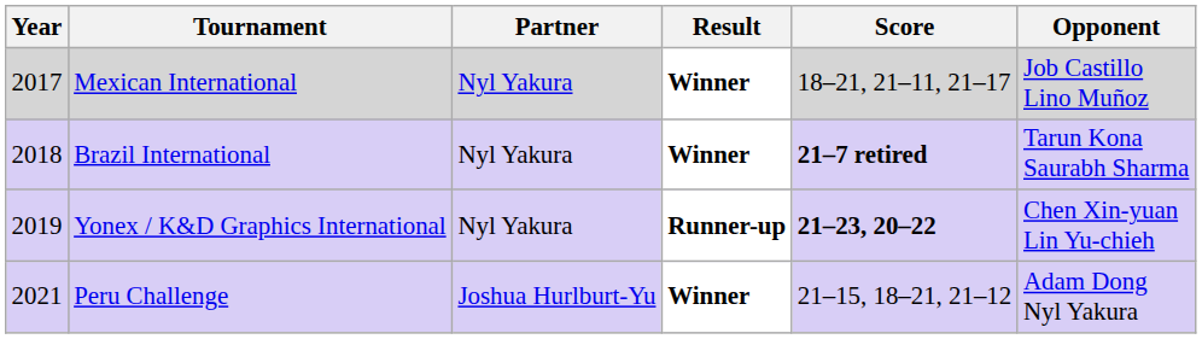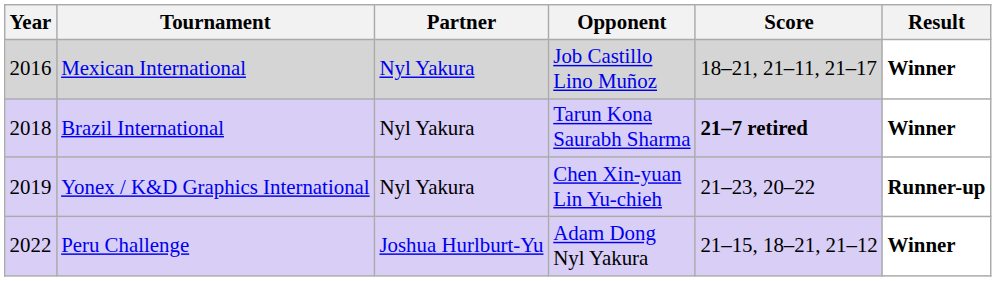 <table class="sortable wikitable" style="font-size: 90%;">
 <tr>
 <th>Year</th>
 <th>Tournament</th>
 <th>Partner</th>
+<th>Opponent</th>
+<th>Score</th>
 <th>Result</th>
-<th>Score</th>
-<th>Opponent</th>
 </tr>
 <tr style="background:#D5D5D5">
-<td align="center">2017</td>
+<td align="center">2016</td>
 <td align="left"><a href='#'>Mexican International</a></td>
 <td align="left"> <a href='#'>Nyl Yakura</a></td>
+<td align="left"> <a href='#'>Job Castillo</a><br> <a href='#'>Lino Muñoz</a></td>
+<td align="left">18–21, 21–11, 21–17</td>
 <td style="text-align:left; background:white"> <strong>Winner</strong></td>
-<td align="left">18–21, 21–11, 21–17</td>
-<td align="left"> <a href='#'>Job Castillo</a><br> <a href='#'>Lino Muñoz</a></td>
 </tr>
 <tr style="background:#D8CEF6">
 <td align="center">2018</td>
 <td align="left"><a href='#'>Brazil International</a></td>
 <td align="left"> Nyl Yakura</td>
+<td align="left"> <a href='#'>Tarun Kona</a><br> <a href='#'>Saurabh Sharma</a></td>
+<td align="left"><strong>21–7 retired</strong></td>
 <td style="text-align:left; background:white"> <strong>Winner</strong></td>
-<td align="left"><strong>21–7 retired</strong></td>
-<td align="left"> <a href='#'>Tarun Kona</a><br> <a href='#'>Saurabh Sharma</a></td>
 </tr>
 <tr style="background:#D8CEF6">
 <td align="center">2019</td>
 <td align="left"><a href='#'>Yonex / K&D Graphics International</a></td>
 <td align="left"> Nyl Yakura</td>
+<td align="left"> <a href='#'>Chen Xin-yuan</a><br> <a href='#'>Lin Yu-chieh</a></td>
+<td align="left">21–23, 20–22</td>
 <td style="text-align:left; background:white"> <strong>Runner-up</strong></td>
-<td align="left"><strong>21–23, 20–22</strong></td>
-<td align="left"> <a href='#'>Chen Xin-yuan</a><br> <a href='#'>Lin Yu-chieh</a></td>
 </tr>
 <tr style="background:#D8CEF6">
-<td align="center">2021</td>
+<td align="center">2022</td>
 <td align="left"><a href='#'>Peru Challenge</a></td>
 <td align="left"> <a href='#'>Joshua Hurlburt-Yu</a></td>
+<td align="left"> <a href='#'>Adam Dong</a><br> Nyl Yakura</td>
+<td align="left">21–15, 18–21, 21–12</td>
 <td style="text-align:left; background:white"> <strong>Winner</strong></td>
-<td align="left">21–15, 18–21, 21–12</td>
-<td align="left"> <a href='#'>Adam Dong</a><br> Nyl Yakura</td>
 </tr>
 </table>
